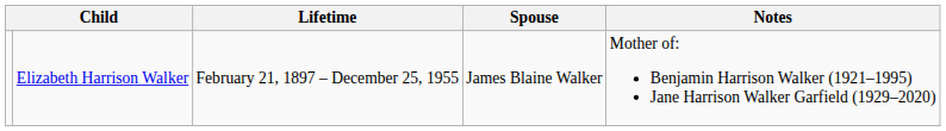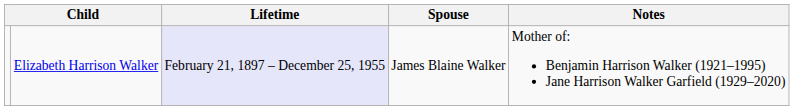 <table class="wikitable">
 <tr>
 <th colspan="2">Child</th>
 <th>Lifetime</th>
 <th>Spouse</th>
 <th>Notes</th>
 </tr>
 <tr>
 <td></td>
 <td><a href='#'>Elizabeth Harrison Walker</a></td>
-<td>February 21, 1897 – December 25, 1955</td>
+<td style="background: lavender;">February 21, 1897 – December 25, 1955</td>
 <td>James Blaine Walker</td>
 <td>Mother of:<br><ul><li>Benjamin Harrison Walker (1921–1995)</li><li>Jane Harrison Walker Garfield (1929–2020)</li></ul></td>
 </tr>
 </table>
